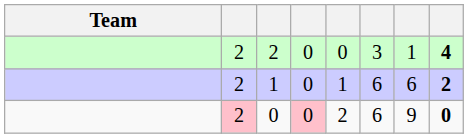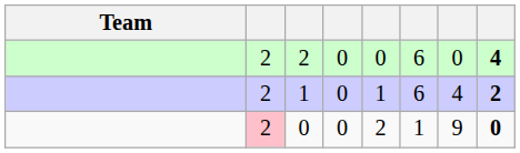 <table class="wikitable" style="text-align:center;">
 <tr>
 <th width=165>Team</th>
 <th width=20></th>
 <th width=20></th>
 <th width=20></th>
 <th width=20></th>
 <th width=20></th>
 <th width=20></th>
 <th width=20></th>
 </tr>
 <tr style="background:#cfc;">
 <td align="left"></td>
 <td>2</td>
 <td>2</td>
 <td>0</td>
 <td>0</td>
-<td>3</td>
-<td>1</td>
+<td>6</td>
+<td>0</td>
 <td><strong>4</strong></td>
 </tr>
 <tr style="background:#ccccff;">
 <td align="left"></td>
 <td>2</td>
 <td>1</td>
 <td>0</td>
 <td>1</td>
 <td>6</td>
-<td>6</td>
+<td>4</td>
 <td><strong>2</strong></td>
 </tr>
 <tr>
 <td align="left"></td>
 <td style="background: pink;">2</td>
 <td>0</td>
-<td style="background: pink;">0</td>
+<td>0</td>
 <td>2</td>
-<td>6</td>
+<td>1</td>
 <td>9</td>
 <td><strong>0</strong></td>
 </tr>
 </table>
